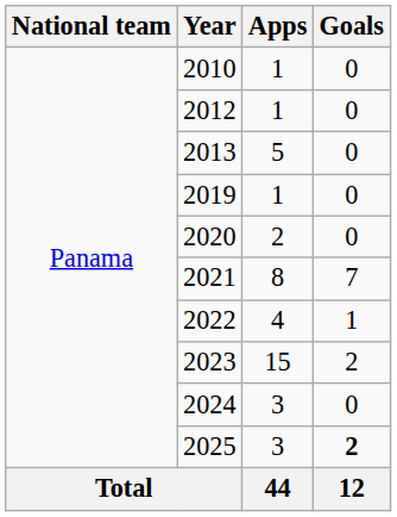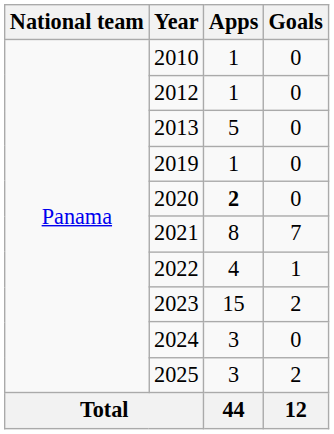 <table class="wikitable" style="text-align:center">
 <tr>
 <th>National team</th>
 <th>Year</th>
 <th>Apps</th>
 <th>Goals</th>
 </tr>
 <tr>
 <td rowspan="10”"><a href='#'>Panama</a></td>
 <td>2010</td>
 <td>1</td>
 <td>0</td>
 </tr>
 <tr>
 <td>2012</td>
 <td>1</td>
 <td>0</td>
 </tr>
 <tr>
 <td>2013</td>
 <td>5</td>
 <td>0</td>
 </tr>
 <tr>
 <td>2019</td>
 <td>1</td>
 <td>0</td>
 </tr>
 <tr>
 <td>2020</td>
-<td>2</td>
+<td><strong>2</strong></td>
 <td>0</td>
 </tr>
 <tr>
 <td>2021</td>
 <td>8</td>
 <td>7</td>
 </tr>
 <tr>
 <td>2022</td>
 <td>4</td>
 <td>1</td>
 </tr>
 <tr>
 <td>2023</td>
 <td>15</td>
 <td>2</td>
 </tr>
 <tr>
 <td>2024</td>
 <td>3</td>
 <td>0</td>
 </tr>
 <tr>
 <td>2025</td>
 <td>3</td>
-<td><strong>2</strong></td>
+<td>2</td>
 </tr>
 <tr>
 <th colspan="2">Total</th>
 <th>44</th>
 <th>12</th>
 </tr>
 </table>
